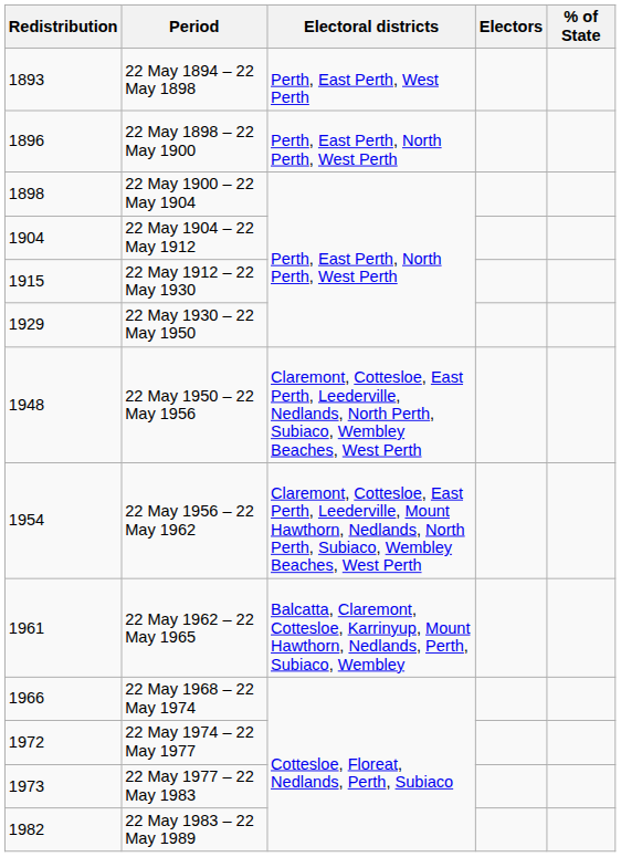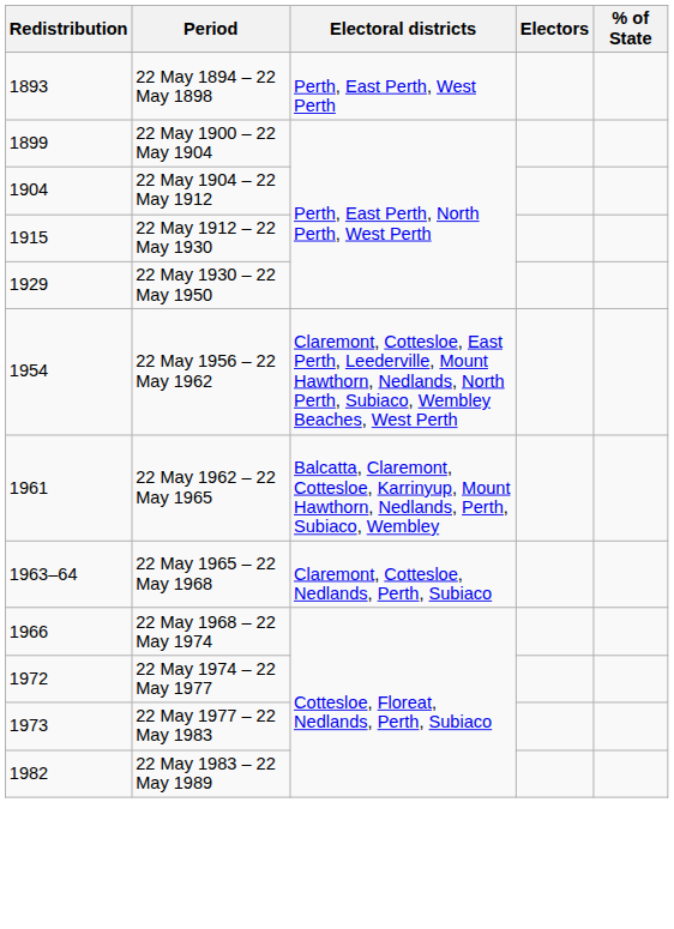 <table class="wikitable">
 <tr>
 <th>Redistribution</th>
 <th>Period</th>
 <th>Electoral districts</th>
 <th>Electors</th>
 <th>% of State</th>
 </tr>
 <tr>
 <td>1893</td>
 <td>22 May 1894 – 22 May 1898</td>
 <td width = 200><br><a href='#'>Perth</a>,  <a href='#'>East Perth</a>,  <a href='#'>West Perth</a></td>
 <td align=right> </td>
 <td align=right> </td>
 </tr>
 <tr>
-<td>1896</td>
-<td>22 May 1898 – 22 May 1900</td>
-<td width = 200><br><a href='#'>Perth</a>,  <a href='#'>East Perth</a>,  <a href='#'>North Perth</a>,  <a href='#'>West Perth</a></td>
-<td align=right> </td>
-<td align=right> </td>
-</tr>
-<tr>
-<td>1898</td>
+<td>1899</td>
 <td>22 May 1900 – 22 May 1904</td>
 <td width = 200 rowspan=4><br><a href='#'>Perth</a>,  <a href='#'>East Perth</a>,  <a href='#'>North Perth</a>,  <a href='#'>West Perth</a></td>
 <td align=right> </td>
 <td align=right> </td>
 </tr>
 <tr>
 <td>1904</td>
 <td>22 May 1904 – 22 May 1912</td>
 <td align=right> </td>
 <td align=right> </td>
 </tr>
 <tr>
 <td>1915</td>
 <td>22 May 1912 – 22 May 1930</td>
 <td align=right> </td>
 <td align=right> </td>
 </tr>
 <tr>
 <td>1929</td>
 <td>22 May 1930 – 22 May 1950</td>
 <td align=right> </td>
 <td align=right> </td>
 </tr>
 <tr>
-<td>1948</td>
-<td>22 May 1950 – 22 May 1956</td>
-<td width = 200><br><a href='#'>Claremont</a>,  <a href='#'>Cottesloe</a>,  <a href='#'>East Perth</a>,  <a href='#'>Leederville</a>,  <a href='#'>Nedlands</a>,  <a href='#'>North Perth</a>,  <a href='#'>Subiaco</a>,  <a href='#'>Wembley Beaches</a>,  <a href='#'>West Perth</a></td>
-<td align=right> </td>
-<td align=right> </td>
-</tr>
-<tr>
 <td>1954</td>
 <td>22 May 1956 – 22 May 1962</td>
 <td width = 200><br><a href='#'>Claremont</a>,  <a href='#'>Cottesloe</a>,  <a href='#'>East Perth</a>,  <a href='#'>Leederville</a>,  <a href='#'>Mount Hawthorn</a>,  <a href='#'>Nedlands</a>,  <a href='#'>North Perth</a>,  <a href='#'>Subiaco</a>,  <a href='#'>Wembley Beaches</a>,  <a href='#'>West Perth</a></td>
 <td align=right> </td>
 <td align=right> </td>
 </tr>
 <tr>
 <td>1961</td>
 <td>22 May 1962 – 22 May 1965</td>
 <td width = 200><br><a href='#'>Balcatta</a>,  <a href='#'>Claremont</a>,  <a href='#'>Cottesloe</a>,  <a href='#'>Karrinyup</a>,  <a href='#'>Mount Hawthorn</a>,  <a href='#'>Nedlands</a>,  <a href='#'>Perth</a>,  <a href='#'>Subiaco</a>,  <a href='#'>Wembley</a></td>
+<td align=right> </td>
+<td align=right> </td>
+</tr>
+<tr>
+<td>1963–64</td>
+<td>22 May 1965 – 22 May 1968</td>
+<td width = 200><br><a href='#'>Claremont</a>,  <a href='#'>Cottesloe</a>,  <a href='#'>Nedlands</a>,  <a href='#'>Perth</a>,  <a href='#'>Subiaco</a></td>
 <td align=right> </td>
 <td align=right> </td>
 </tr>
 <tr>
 <td>1966</td>
 <td>22 May 1968 – 22 May 1974</td>
 <td width=200 rowspan=4><br><a href='#'>Cottesloe</a>,  <a href='#'>Floreat</a>,  <a href='#'>Nedlands</a>,  <a href='#'>Perth</a>,  <a href='#'>Subiaco</a></td>
 <td align=right> </td>
 <td align=right> </td>
 </tr>
 <tr>
 <td>1972</td>
 <td>22 May 1974 – 22 May 1977</td>
 <td align=right> </td>
 <td align=right> </td>
 </tr>
 <tr>
 <td>1973</td>
 <td>22 May 1977 – 22 May 1983</td>
 <td align=right> </td>
 <td align=right> </td>
 </tr>
 <tr>
 <td>1982</td>
 <td>22 May 1983 – 22 May 1989</td>
 <td align=right> </td>
 <td align=right> </td>
 </tr>
 </table>
